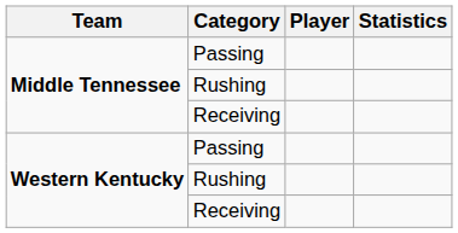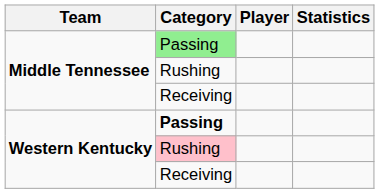 <table class="wikitable" style="float: right;">
 <tr>
 <th>Team</th>
 <th>Category</th>
 <th>Player</th>
 <th>Statistics</th>
 </tr>
 <tr>
 <td rowspan=3><strong>Middle Tennessee</strong></td>
-<td>Passing</td>
+<td style="background: lightgreen;">Passing</td>
 <td></td>
 <td></td>
 </tr>
 <tr>
 <td>Rushing</td>
 <td></td>
 <td></td>
 </tr>
 <tr>
 <td>Receiving</td>
 <td></td>
 <td></td>
 </tr>
 <tr>
 <td rowspan=3><strong>Western Kentucky</strong></td>
-<td>Passing</td>
+<td><strong>Passing</strong></td>
 <td></td>
 <td></td>
 </tr>
 <tr>
-<td>Rushing</td>
+<td style="background: pink;">Rushing</td>
 <td></td>
 <td></td>
 </tr>
 <tr>
 <td>Receiving</td>
 <td></td>
 <td></td>
 </tr>
 </table>
